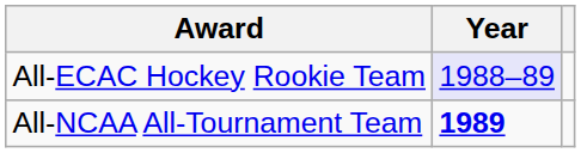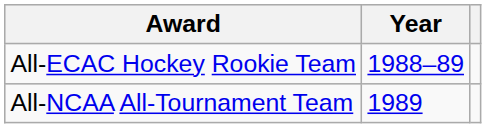 <table class="wikitable">
 <tr>
 <th>Award</th>
 <th>Year</th>
 <th></th>
 </tr>
 <tr>
 <td>All-<a href='#'>ECAC Hockey</a> <a href='#'>Rookie Team</a></td>
-<td style="background: lavender;"><a href='#'>1988–89</a></td>
+<td><a href='#'>1988–89</a></td>
 <td></td>
 </tr>
 <tr>
 <td>All-<a href='#'>NCAA</a> <a href='#'>All-Tournament Team</a></td>
-<td><strong><a href='#'>1989</a></strong></td>
+<td><a href='#'>1989</a></td>
 <td></td>
 </tr>
 </table>
